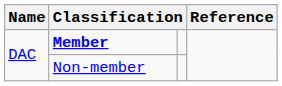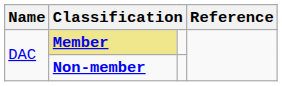 <table class="wikitable sortable" style="text-align:left">
 <tr>
 <th>Name</th>
 <th colspan="2">Classification</th>
 <th>Reference</th>
 </tr>
 <tr>
 <td rowspan="2"><a href='#'>DAC</a></td>
-<td><a href='#'><strong>Member</strong></a></td>
+<td style="background: khaki;"><a href='#'><strong>Member</strong></a></td>
 <td></td>
 <td rowspan="2"></td>
 </tr>
 <tr>
-<td><a href='#'>Non-member</a></td>
+<td><strong><a href='#'>Non-member</a></strong></td>
 <td></td>
 </tr>
 </table>
